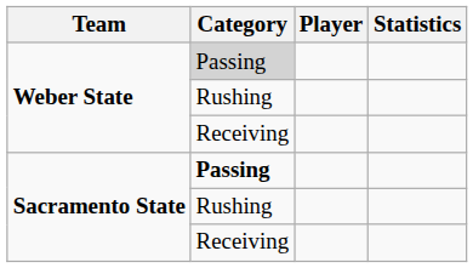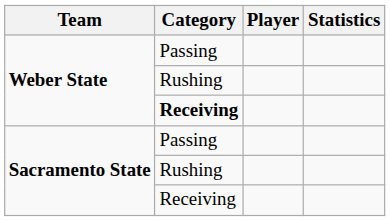 <table class="wikitable" style="float: right;">
 <tr>
 <th>Team</th>
 <th>Category</th>
 <th>Player</th>
 <th>Statistics</th>
 </tr>
 <tr>
 <td rowspan=3><strong>Weber State</strong></td>
-<td style="background: lightgrey;">Passing</td>
+<td>Passing</td>
 <td></td>
 <td></td>
 </tr>
 <tr>
 <td>Rushing</td>
 <td></td>
 <td></td>
 </tr>
 <tr>
-<td>Receiving</td>
+<td><strong>Receiving</strong></td>
 <td></td>
 <td></td>
 </tr>
 <tr>
 <td rowspan=3><strong>Sacramento State</strong></td>
-<td><strong>Passing</strong></td>
+<td>Passing</td>
 <td></td>
 <td></td>
 </tr>
 <tr>
 <td>Rushing</td>
 <td></td>
 <td></td>
 </tr>
 <tr>
 <td>Receiving</td>
 <td></td>
 <td></td>
 </tr>
 </table>
